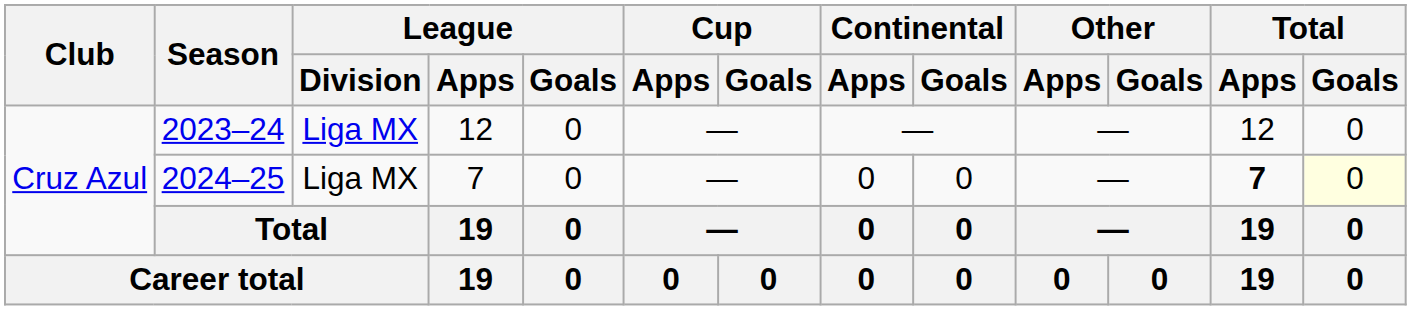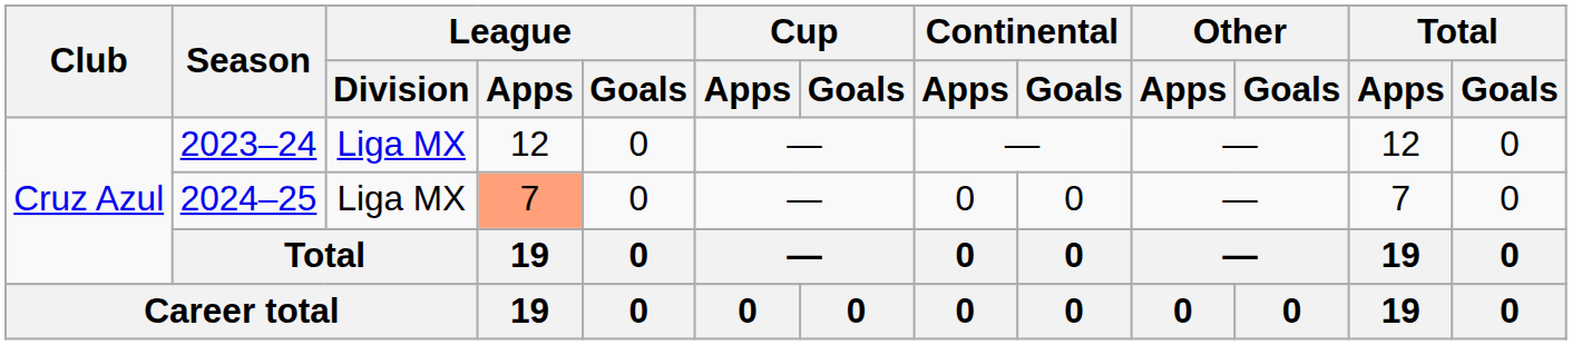 <table class="wikitable" style="text-align:center">
 <tr>
 <th rowspan="2">Club</th>
 <th rowspan="2">Season</th>
 <th colspan="3">League</th>
 <th colspan="2">Cup</th>
 <th colspan="2">Continental</th>
 <th colspan="2">Other</th>
 <th colspan="2">Total</th>
 </tr>
 <tr>
 <th>Division</th>
 <th>Apps</th>
 <th>Goals</th>
 <th>Apps</th>
 <th>Goals</th>
 <th>Apps</th>
 <th>Goals</th>
 <th>Apps</th>
 <th>Goals</th>
 <th>Apps</th>
 <th>Goals</th>
 </tr>
 <tr>
 <td rowspan="3"><a href='#'>Cruz Azul</a></td>
 <td><a href='#'>2023–24</a></td>
 <td><a href='#'>Liga MX</a></td>
 <td>12</td>
 <td>0</td>
 <td colspan="2">—</td>
 <td colspan="2">—</td>
 <td colspan="2">—</td>
 <td>12</td>
 <td>0</td>
 </tr>
 <tr>
 <td><a href='#'>2024–25</a></td>
 <td>Liga MX</td>
-<td>7</td>
+<td style="background: lightsalmon;">7</td>
 <td>0</td>
 <td colspan="2">—</td>
 <td>0</td>
 <td>0</td>
 <td colspan="2">—</td>
-<td><strong>7</strong></td>
-<td style="background: lightyellow;">0</td>
+<td>7</td>
+<td>0</td>
 </tr>
 <tr>
 <th colspan="2">Total</th>
 <th>19</th>
 <th>0</th>
 <th colspan="2">—</th>
 <th>0</th>
 <th>0</th>
 <th colspan="2">—</th>
 <th>19</th>
 <th>0</th>
 </tr>
 <tr>
 <th colspan="3">Career total</th>
 <th>19</th>
 <th>0</th>
 <th>0</th>
 <th>0</th>
 <th>0</th>
 <th>0</th>
 <th>0</th>
 <th>0</th>
 <th>19</th>
 <th>0</th>
 </tr>
 </table>
